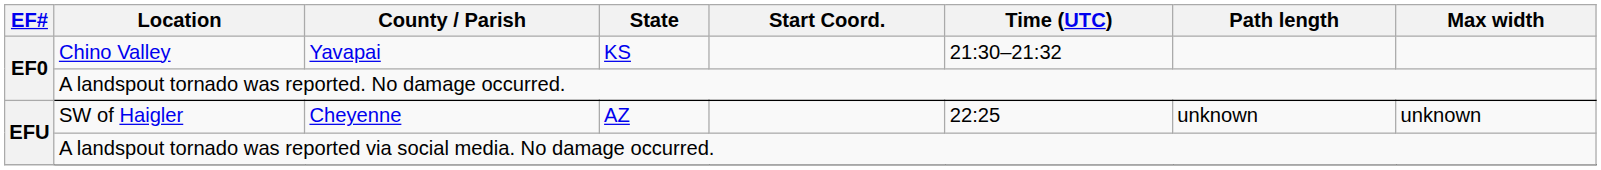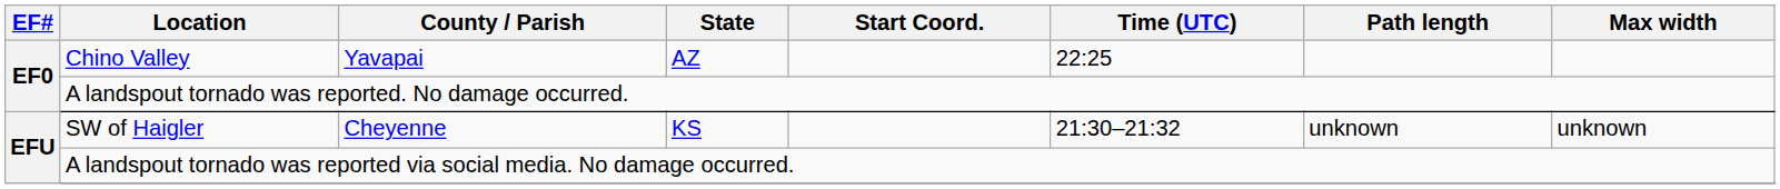 <table class="wikitable sortable" style="width:100%;">
 <tr>
 <th scope="col" width="2%" align="center"><a href='#'>EF#</a></th>
 <th scope="col" align="center" class="unsortable">Location</th>
 <th scope="col" align="center" class="unsortable">County / Parish</th>
 <th scope="col" align="center">State</th>
 <th scope="col" align="center">Start Coord.</th>
 <th scope="col" align="center">Time (<a href='#'>UTC</a>)</th>
 <th scope="col" align="center">Path length</th>
 <th scope="col" align="center">Max width</th>
 </tr>
 <tr>
 <th scope="row" rowspan="2" style="background-color:#">EF0</th>
 <td><a href='#'>Chino Valley</a></td>
 <td><a href='#'>Yavapai</a></td>
-<td><a href='#'>KS</a></td>
+<td><a href='#'>AZ</a></td>
 <td></td>
-<td>21:30–21:32</td>
+<td>22:25</td>
 <td></td>
 <td></td>
 </tr>
 <tr class="expand-child">
 <td colspan="8" style=" border-bottom: 1px solid black;">A landspout tornado was reported. No damage occurred.</td>
 </tr>
 <tr>
 <th scope="row" rowspan="2" style="background-color:#">EFU</th>
 <td>SW of <a href='#'>Haigler</a></td>
 <td><a href='#'>Cheyenne</a></td>
-<td><a href='#'>AZ</a></td>
+<td><a href='#'>KS</a></td>
 <td></td>
-<td>22:25</td>
+<td>21:30–21:32</td>
 <td>unknown</td>
 <td>unknown</td>
 </tr>
 <tr class="expand-child">
 <td colspan="8" style=" border-bottom: 1px solid black;">A landspout tornado was reported via social media. No damage occurred.</td>
 </tr>
 <tr>
 </tr>
 </table>
